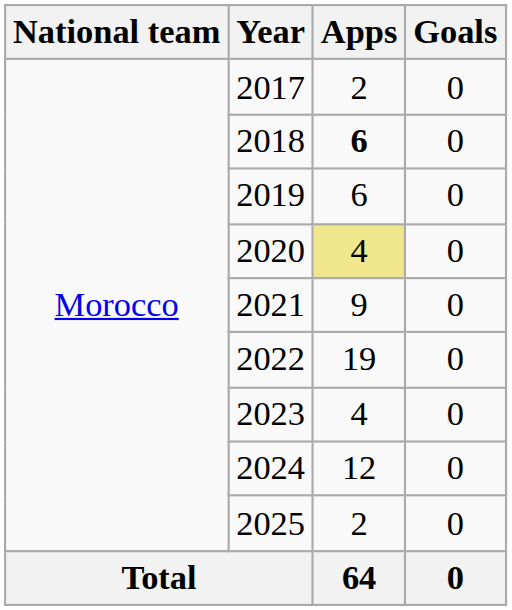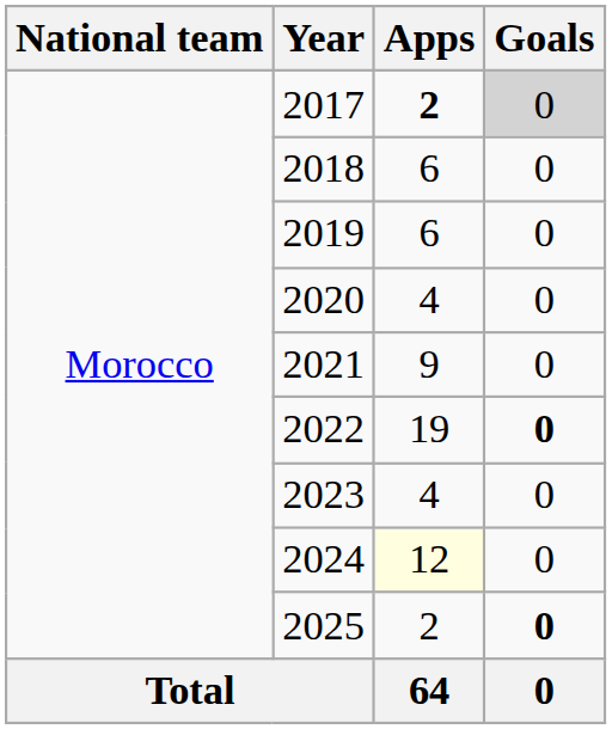 <table class="wikitable" style="text-align: center;">
 <tr>
 <th>National team</th>
 <th>Year</th>
 <th>Apps</th>
 <th>Goals</th>
 </tr>
 <tr>
 <td rowspan="9"><a href='#'>Morocco</a></td>
 <td>2017</td>
-<td>2</td>
-<td>0</td>
+<td><strong>2</strong></td>
+<td style="background: lightgrey;">0</td>
 </tr>
 <tr>
 <td>2018</td>
-<td><strong>6</strong></td>
+<td>6</td>
 <td>0</td>
 </tr>
 <tr>
 <td>2019</td>
 <td>6</td>
 <td>0</td>
 </tr>
 <tr>
 <td>2020</td>
-<td style="background: khaki;">4</td>
+<td>4</td>
 <td>0</td>
 </tr>
 <tr>
 <td>2021</td>
 <td>9</td>
 <td>0</td>
 </tr>
 <tr>
 <td>2022</td>
 <td>19</td>
-<td>0</td>
+<td><strong>0</strong></td>
 </tr>
 <tr>
 <td>2023</td>
 <td>4</td>
 <td>0</td>
 </tr>
 <tr>
 <td>2024</td>
-<td>12</td>
+<td style="background: lightyellow;">12</td>
 <td>0</td>
 </tr>
 <tr>
 <td>2025</td>
 <td>2</td>
-<td>0</td>
+<td><strong>0</strong></td>
 </tr>
 <tr>
 <th colspan="2">Total</th>
 <th>64</th>
 <th>0</th>
 </tr>
 </table>
